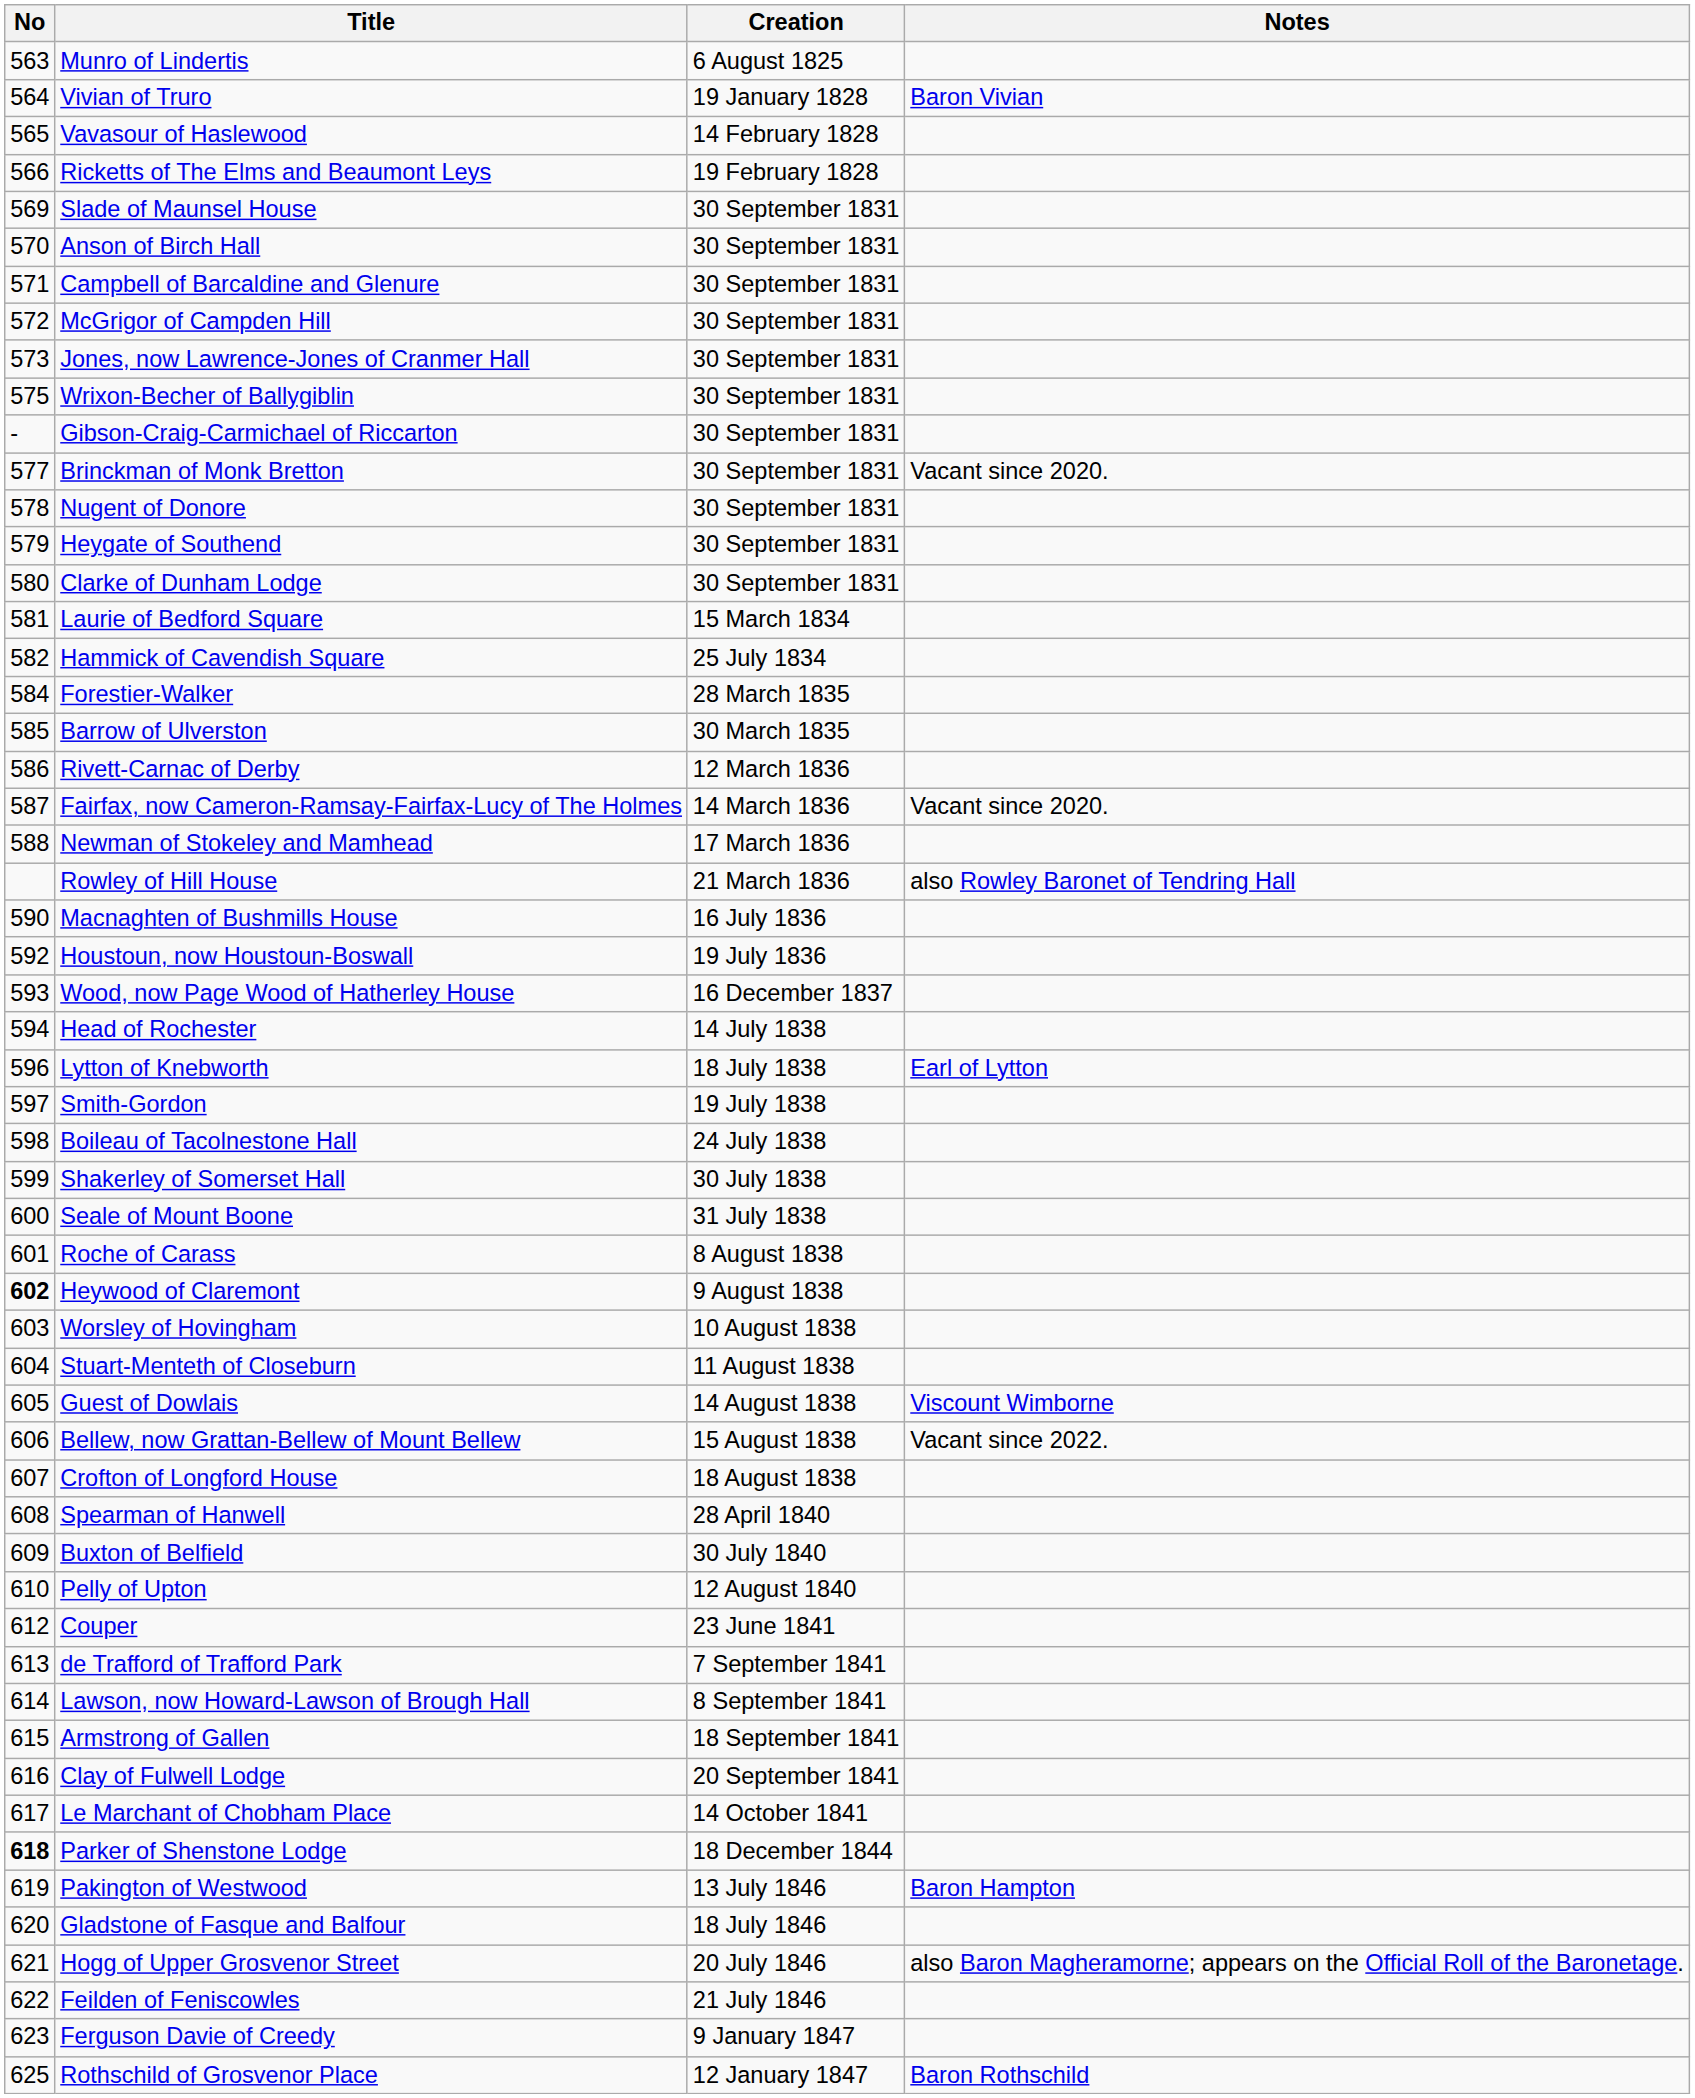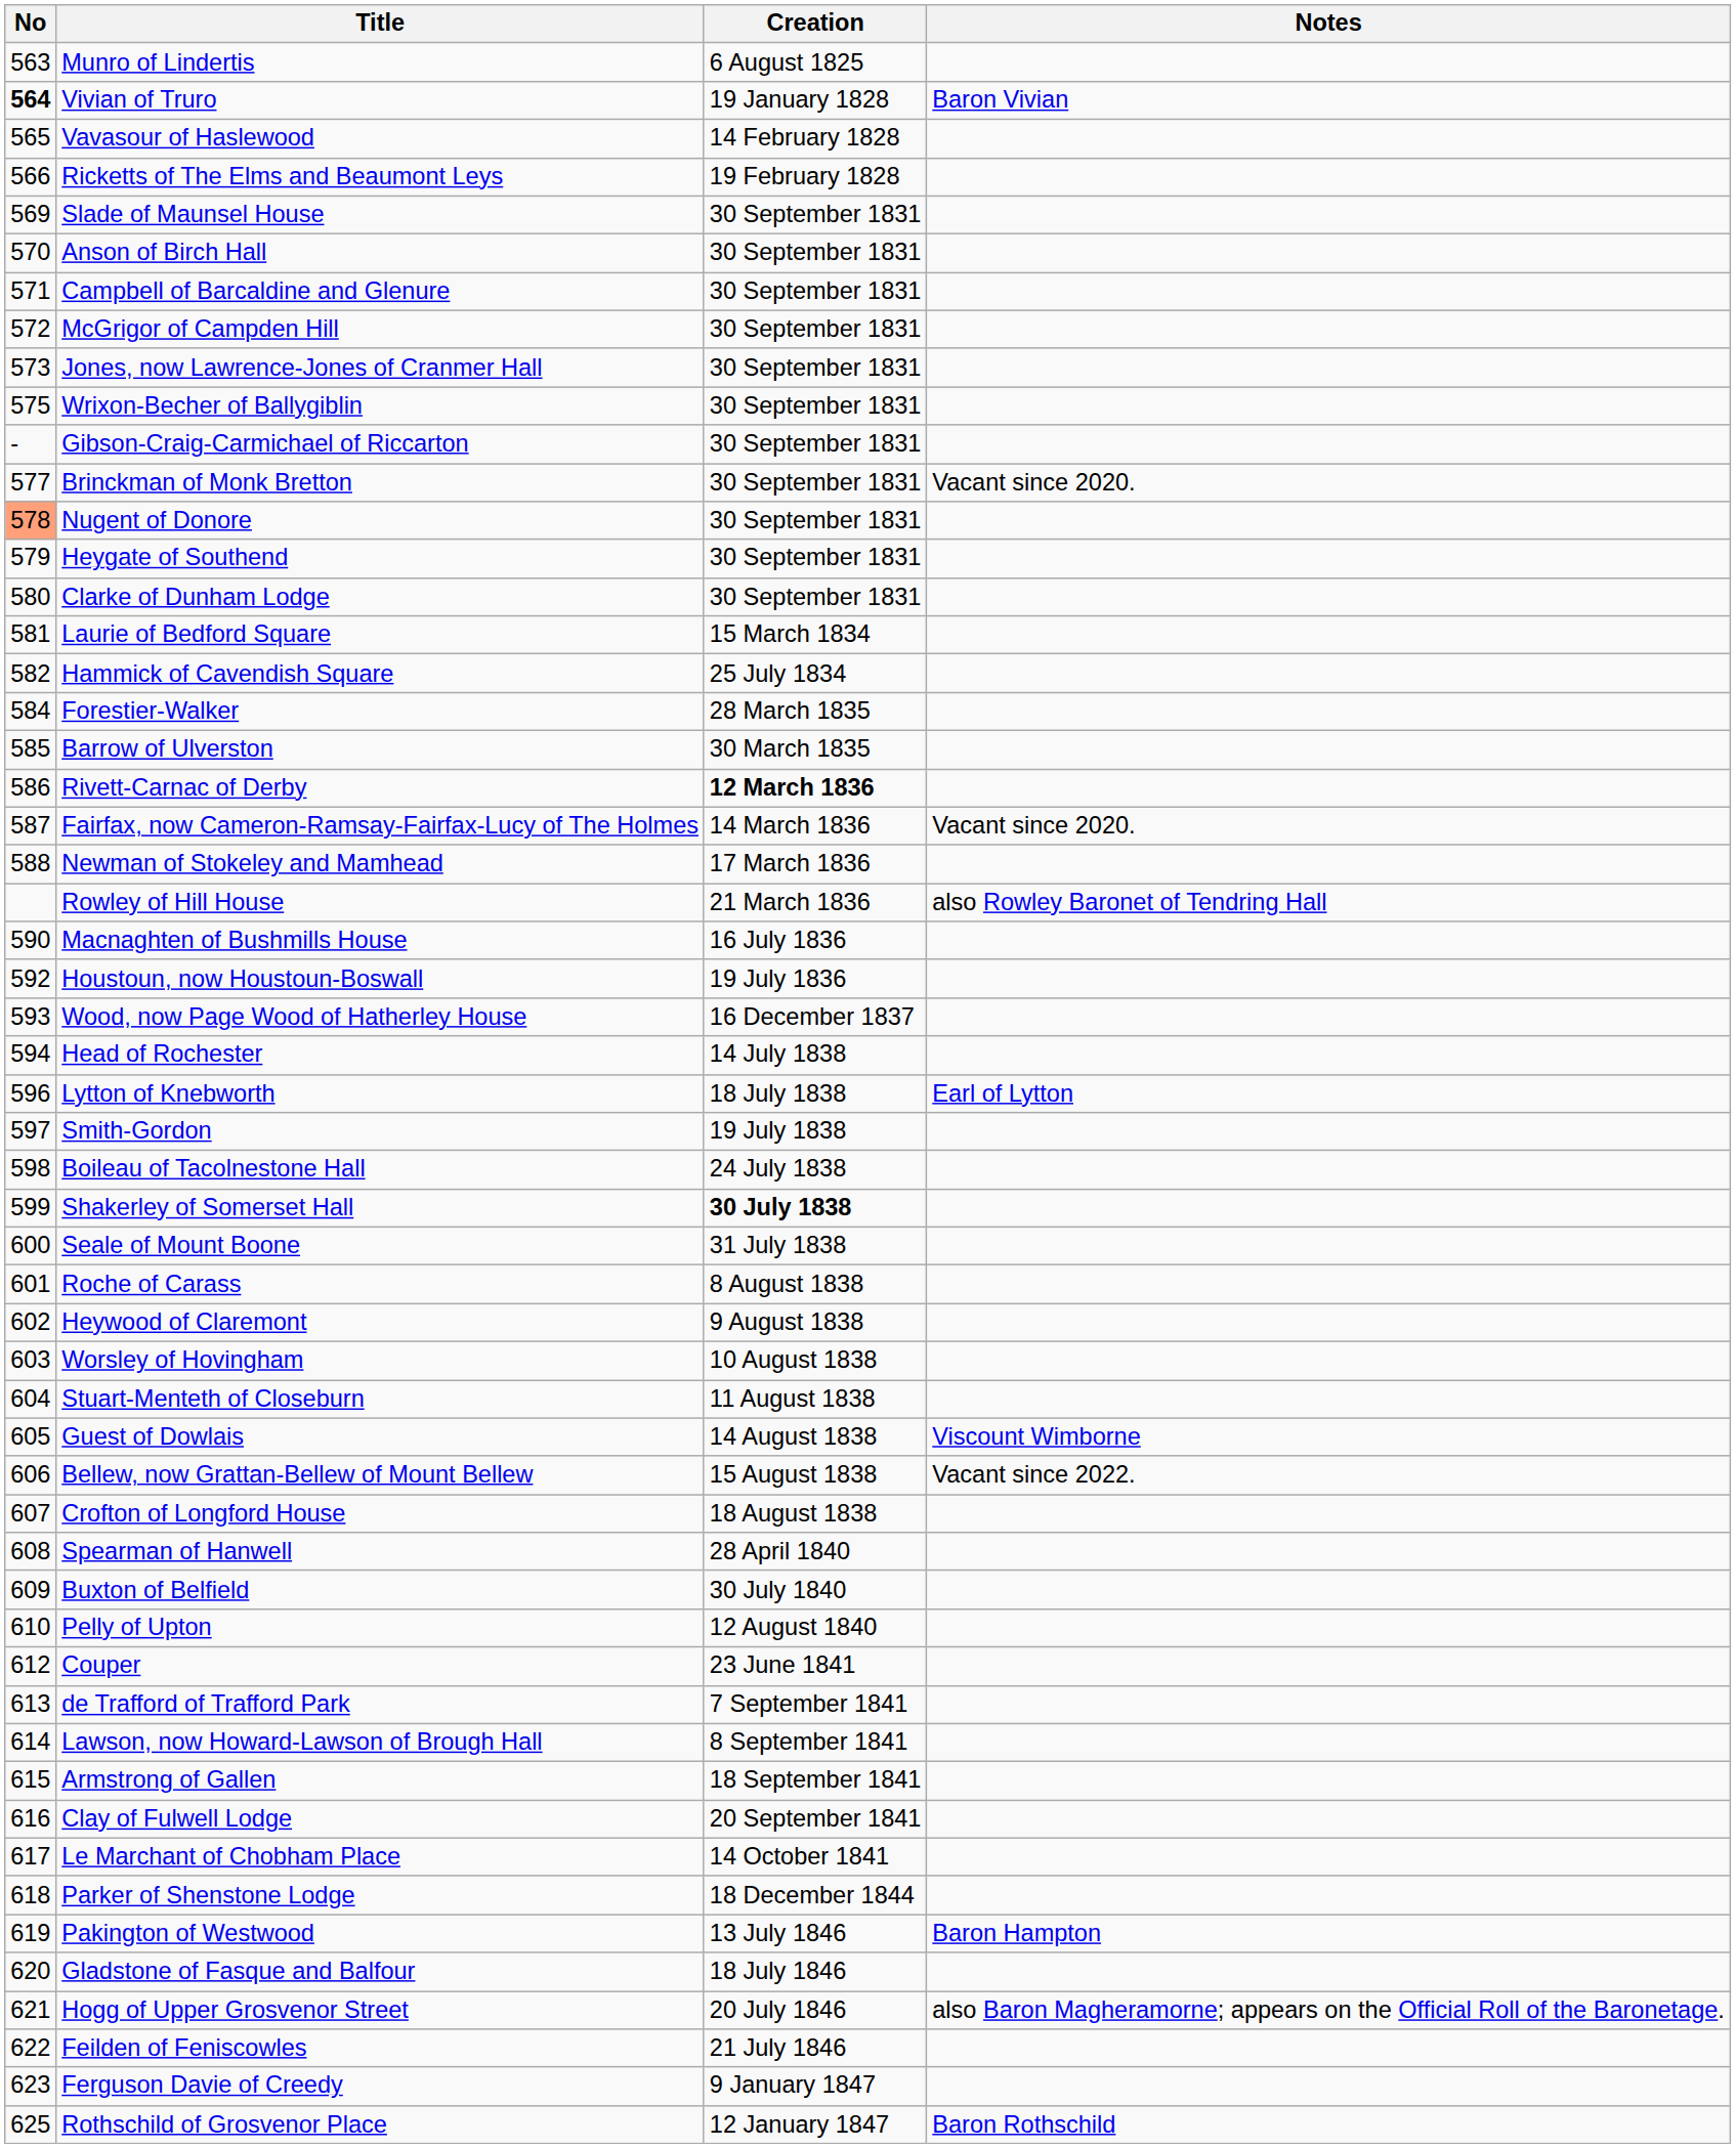 <table class="wikitable">
 <tr>
 <th>No</th>
 <th>Title</th>
 <th>Creation</th>
 <th>Notes</th>
 </tr>
 <tr>
 <td>563</td>
 <td><a href='#'>Munro of Lindertis</a></td>
 <td>6 August 1825</td>
 <td></td>
 </tr>
 <tr>
-<td>564</td>
+<td><strong>564</strong></td>
 <td><a href='#'>Vivian of Truro</a></td>
 <td>19 January 1828</td>
 <td><a href='#'>Baron Vivian</a></td>
 </tr>
 <tr>
 <td>565</td>
 <td><a href='#'>Vavasour of Haslewood</a></td>
 <td>14 February 1828</td>
 <td></td>
 </tr>
 <tr>
 <td>566</td>
 <td><a href='#'>Ricketts of The Elms and Beaumont Leys</a></td>
 <td>19 February 1828</td>
 <td></td>
 </tr>
 <tr>
 <td>569</td>
 <td><a href='#'>Slade of Maunsel House</a></td>
 <td>30 September 1831</td>
 <td></td>
 </tr>
 <tr>
 <td>570</td>
 <td><a href='#'>Anson of Birch Hall</a></td>
 <td>30 September 1831</td>
 <td></td>
 </tr>
 <tr>
 <td>571</td>
 <td><a href='#'>Campbell of Barcaldine and Glenure</a></td>
 <td>30 September 1831</td>
 <td></td>
 </tr>
 <tr>
 <td>572</td>
 <td><a href='#'>McGrigor of Campden Hill</a></td>
 <td>30 September 1831</td>
 <td></td>
 </tr>
 <tr>
 <td>573</td>
 <td><a href='#'>Jones, now Lawrence-Jones of Cranmer Hall</a></td>
 <td>30 September 1831</td>
 <td></td>
 </tr>
 <tr>
 <td>575</td>
 <td><a href='#'>Wrixon-Becher of Ballygiblin</a></td>
 <td>30 September 1831</td>
 <td></td>
 </tr>
 <tr>
 <td>-</td>
 <td><a href='#'>Gibson-Craig-Carmichael of Riccarton</a></td>
 <td>30 September 1831</td>
 <td></td>
 </tr>
 <tr>
 <td>577</td>
 <td><a href='#'>Brinckman of Monk Bretton</a></td>
 <td>30 September 1831</td>
 <td>Vacant since 2020.</td>
 </tr>
 <tr>
-<td>578</td>
+<td style="background: lightsalmon;">578</td>
 <td><a href='#'>Nugent of Donore</a></td>
 <td>30 September 1831</td>
 <td></td>
 </tr>
 <tr>
 <td>579</td>
 <td><a href='#'>Heygate of Southend</a></td>
 <td>30 September 1831</td>
 <td></td>
 </tr>
 <tr>
 <td>580</td>
 <td><a href='#'>Clarke of Dunham Lodge</a></td>
 <td>30 September 1831</td>
 <td></td>
 </tr>
 <tr>
 <td>581</td>
 <td><a href='#'>Laurie of Bedford Square</a></td>
 <td>15 March 1834</td>
 <td></td>
 </tr>
 <tr>
 <td>582</td>
 <td><a href='#'>Hammick of Cavendish Square</a></td>
 <td>25 July 1834</td>
 <td></td>
 </tr>
 <tr>
 <td>584</td>
 <td><a href='#'>Forestier-Walker</a></td>
 <td>28 March 1835</td>
 <td></td>
 </tr>
 <tr>
 <td>585</td>
 <td><a href='#'>Barrow of Ulverston</a></td>
 <td>30 March 1835</td>
 <td></td>
 </tr>
 <tr>
 <td>586</td>
 <td><a href='#'>Rivett-Carnac of Derby</a></td>
-<td>12 March 1836</td>
+<td><strong>12 March 1836</strong></td>
 <td></td>
 </tr>
 <tr>
 <td>587</td>
 <td><a href='#'>Fairfax, now Cameron-Ramsay-Fairfax-Lucy of The Holmes</a></td>
 <td>14 March 1836</td>
 <td>Vacant since 2020.</td>
 </tr>
 <tr>
 <td>588</td>
 <td><a href='#'>Newman of Stokeley and Mamhead</a></td>
 <td>17 March 1836</td>
 <td></td>
 </tr>
 <tr>
 <td></td>
 <td><a href='#'>Rowley of Hill House</a></td>
 <td>21 March 1836</td>
 <td>also <a href='#'>Rowley Baronet of Tendring Hall</a></td>
 </tr>
 <tr>
 <td>590</td>
 <td><a href='#'>Macnaghten of Bushmills House</a></td>
 <td>16 July 1836</td>
 <td></td>
 </tr>
 <tr>
 <td>592</td>
 <td><a href='#'>Houstoun, now Houstoun-Boswall</a></td>
 <td>19 July 1836</td>
 <td></td>
 </tr>
 <tr>
 <td>593</td>
 <td><a href='#'>Wood, now Page Wood of Hatherley House</a></td>
 <td>16 December 1837</td>
 <td></td>
 </tr>
 <tr>
 <td>594</td>
 <td><a href='#'>Head of Rochester</a></td>
 <td>14 July 1838</td>
 <td></td>
 </tr>
 <tr>
 <td>596</td>
 <td><a href='#'>Lytton of Knebworth</a></td>
 <td>18 July 1838</td>
 <td><a href='#'>Earl of Lytton</a></td>
 </tr>
 <tr>
 <td>597</td>
 <td><a href='#'>Smith-Gordon</a></td>
 <td>19 July 1838</td>
 <td></td>
 </tr>
 <tr>
 <td>598</td>
 <td><a href='#'>Boileau of Tacolnestone Hall</a></td>
 <td>24 July 1838</td>
 <td></td>
 </tr>
 <tr>
 <td>599</td>
 <td><a href='#'>Shakerley of Somerset Hall</a></td>
-<td>30 July 1838</td>
+<td><strong>30 July 1838</strong></td>
 <td></td>
 </tr>
 <tr>
 <td>600</td>
 <td><a href='#'>Seale of Mount Boone</a></td>
 <td>31 July 1838</td>
 <td></td>
 </tr>
 <tr>
 <td>601</td>
 <td><a href='#'>Roche of Carass</a></td>
 <td>8 August 1838</td>
 <td></td>
 </tr>
 <tr>
-<td><strong>602</strong></td>
+<td>602</td>
 <td><a href='#'>Heywood of Claremont</a></td>
 <td>9 August 1838</td>
 <td></td>
 </tr>
 <tr>
 <td>603</td>
 <td><a href='#'>Worsley of Hovingham</a></td>
 <td>10 August 1838</td>
 <td></td>
 </tr>
 <tr>
 <td>604</td>
 <td><a href='#'>Stuart-Menteth of Closeburn</a></td>
 <td>11 August 1838</td>
 <td></td>
 </tr>
 <tr>
 <td>605</td>
 <td><a href='#'>Guest of Dowlais</a></td>
 <td>14 August 1838</td>
 <td><a href='#'>Viscount Wimborne</a></td>
 </tr>
 <tr>
 <td>606</td>
 <td><a href='#'>Bellew, now Grattan-Bellew of Mount Bellew</a></td>
 <td>15 August 1838</td>
 <td>Vacant since 2022.</td>
 </tr>
 <tr>
 <td>607</td>
 <td><a href='#'>Crofton of Longford House</a></td>
 <td>18 August 1838</td>
 </tr>
 <tr>
 <td>608</td>
 <td><a href='#'>Spearman of Hanwell</a></td>
 <td>28 April 1840</td>
 <td></td>
 </tr>
 <tr>
 <td>609</td>
 <td><a href='#'>Buxton of Belfield</a></td>
 <td>30 July 1840</td>
 <td></td>
 </tr>
 <tr>
 <td>610</td>
 <td><a href='#'>Pelly of Upton</a></td>
 <td>12 August 1840</td>
 <td></td>
 </tr>
 <tr>
 <td>612</td>
 <td><a href='#'>Couper</a></td>
 <td>23 June 1841</td>
 <td></td>
 </tr>
 <tr>
 <td>613</td>
 <td><a href='#'>de Trafford of Trafford Park</a></td>
 <td>7 September 1841</td>
 <td></td>
 </tr>
 <tr>
 <td>614</td>
 <td><a href='#'>Lawson, now Howard-Lawson of Brough Hall</a></td>
 <td>8 September 1841</td>
 <td></td>
 </tr>
 <tr>
 <td>615</td>
 <td><a href='#'>Armstrong of Gallen</a></td>
 <td>18 September 1841</td>
 <td></td>
 </tr>
 <tr>
 <td>616</td>
 <td><a href='#'>Clay of Fulwell Lodge</a></td>
 <td>20 September 1841</td>
 <td></td>
 </tr>
 <tr>
 <td>617</td>
 <td><a href='#'>Le Marchant of Chobham Place</a></td>
 <td>14 October 1841</td>
 <td></td>
 </tr>
 <tr>
-<td><strong>618</strong></td>
+<td>618</td>
 <td><a href='#'>Parker of Shenstone Lodge</a></td>
 <td>18 December 1844</td>
 <td></td>
 </tr>
 <tr>
 <td>619</td>
 <td><a href='#'>Pakington of Westwood</a></td>
 <td>13 July 1846</td>
 <td><a href='#'>Baron Hampton</a></td>
 </tr>
 <tr>
 <td>620</td>
 <td><a href='#'>Gladstone of Fasque and Balfour</a></td>
 <td>18 July 1846</td>
 <td></td>
 </tr>
 <tr>
 <td>621</td>
 <td><a href='#'>Hogg of Upper Grosvenor Street</a></td>
 <td>20 July 1846</td>
 <td>also <a href='#'>Baron Magheramorne</a>; appears on the <a href='#'>Official Roll of the Baronetage</a>.</td>
 </tr>
 <tr>
 <td>622</td>
 <td><a href='#'>Feilden of Feniscowles</a></td>
 <td>21 July 1846</td>
 <td></td>
 </tr>
 <tr>
 <td>623</td>
 <td><a href='#'>Ferguson Davie of Creedy</a></td>
 <td>9 January 1847</td>
 <td></td>
 </tr>
 <tr>
 <td>625</td>
 <td><a href='#'>Rothschild of Grosvenor Place</a></td>
 <td>12 January 1847</td>
 <td><a href='#'>Baron Rothschild</a></td>
 </tr>
 </table>
